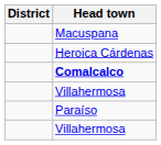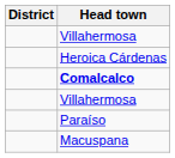 <table class="wikitable" border="1">
 <tr style="background:#efefef;">
 <th><strong>District</strong></th>
 <th><strong>Head town</strong></th>
 </tr>
 <tr>
 <td></td>
-<td><a href='#'>Macuspana</a></td>
+<td><a href='#'>Villahermosa</a></td>
 </tr>
 <tr>
 <td></td>
 <td><a href='#'>Heroica Cárdenas</a></td>
 </tr>
 <tr>
 <td></td>
 <td><strong><a href='#'>Comalcalco</a></strong></td>
 </tr>
 <tr>
 <td></td>
 <td><a href='#'>Villahermosa</a></td>
 </tr>
 <tr>
 <td></td>
 <td><a href='#'>Paraíso</a></td>
 </tr>
 <tr>
 <td></td>
-<td><a href='#'>Villahermosa</a></td>
+<td><a href='#'>Macuspana</a></td>
 </tr>
 </table>
